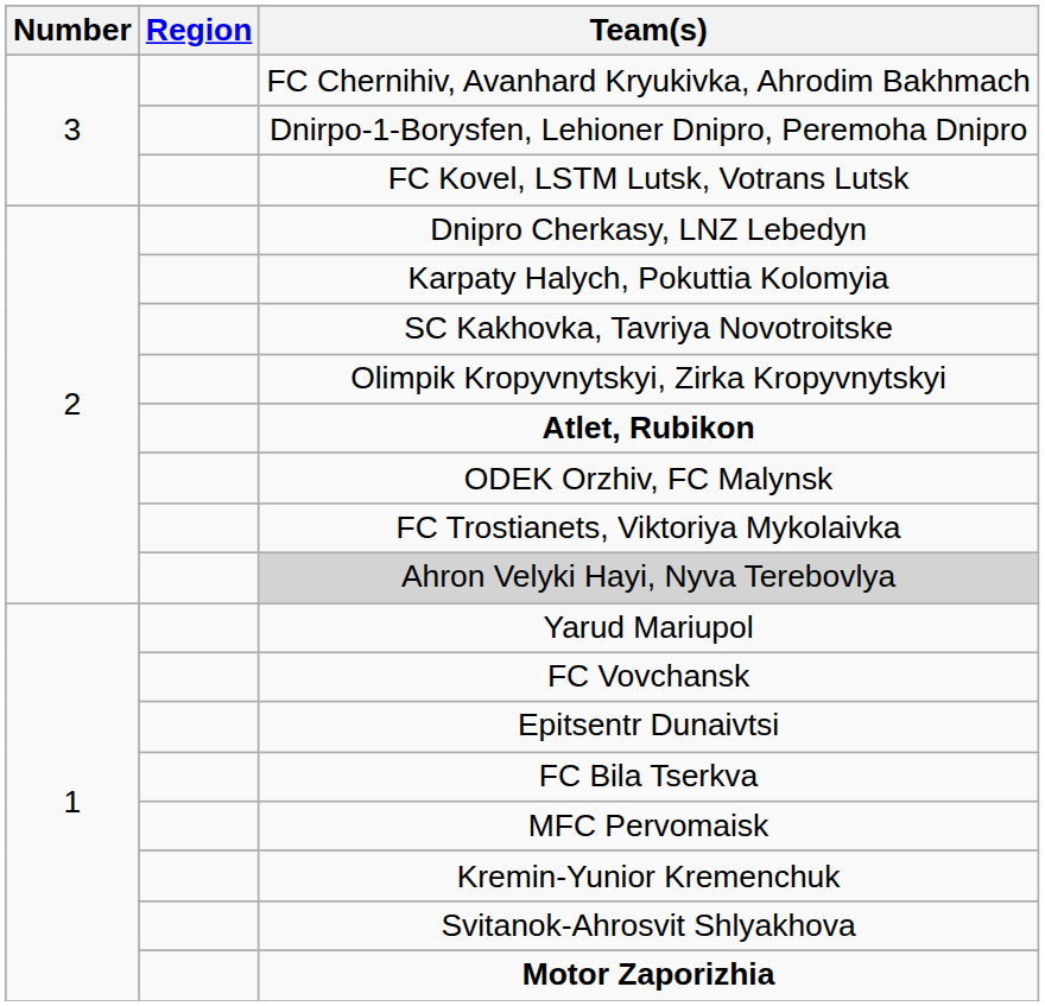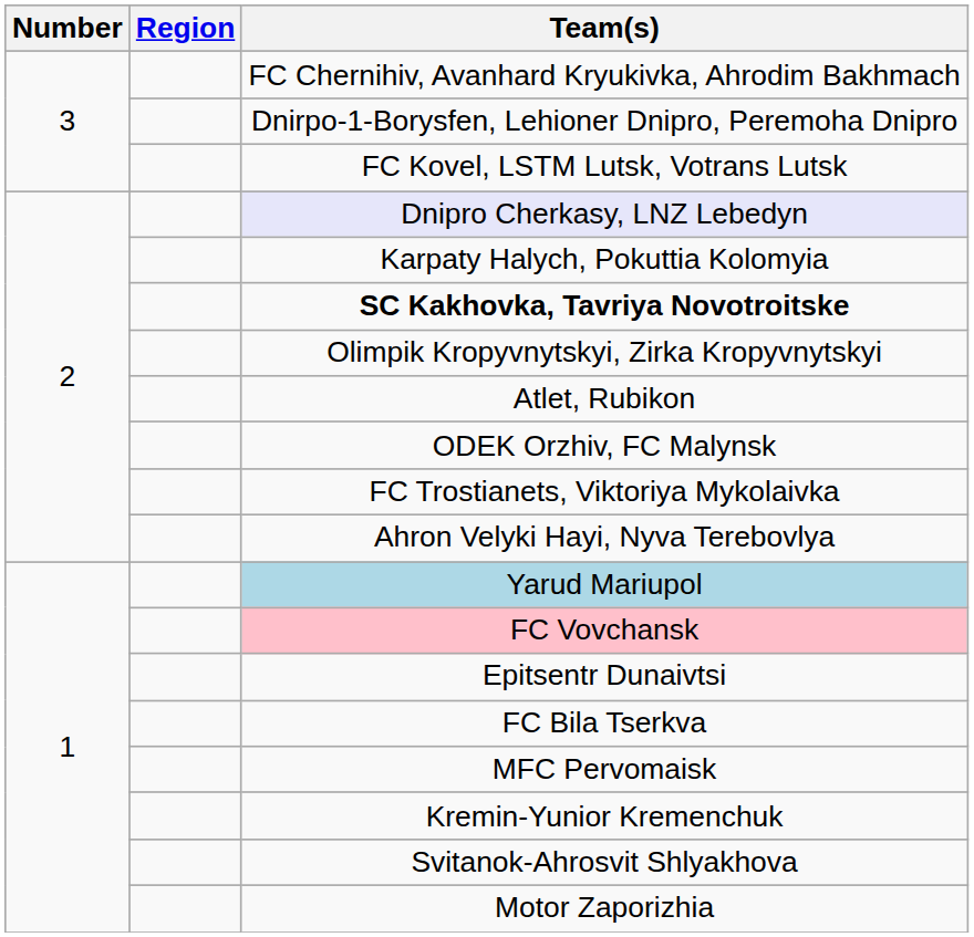 <table class="wikitable" style="text-align:center">
 <tr>
 <th>Number</th>
 <th><a href='#'>Region</a></th>
 <th>Team(s)</th>
 </tr>
 <tr>
 <td rowspan="3">3</td>
 <td align="left"></td>
 <td>FC Chernihiv, Avanhard Kryukivka, Ahrodim Bakhmach</td>
 </tr>
 <tr>
 <td align="left"></td>
 <td>Dnirpo-1-Borysfen, Lehioner Dnipro, Peremoha Dnipro</td>
 </tr>
 <tr>
 <td align="left"></td>
 <td>FC Kovel, LSTM Lutsk, Votrans Lutsk</td>
 </tr>
 <tr>
 <td rowspan="8">2</td>
 <td align="left"></td>
-<td>Dnipro Cherkasy, LNZ Lebedyn</td>
+<td style="background: lavender;">Dnipro Cherkasy, LNZ Lebedyn</td>
 </tr>
 <tr>
 <td align="left"></td>
 <td>Karpaty Halych, Pokuttia Kolomyia</td>
 </tr>
 <tr>
 <td align="left"></td>
-<td>SC Kakhovka, Tavriya Novotroitske</td>
+<td><strong>SC Kakhovka, Tavriya Novotroitske</strong></td>
 </tr>
 <tr>
 <td align="left"></td>
 <td>Olimpik Kropyvnytskyi, Zirka Kropyvnytskyi</td>
 </tr>
 <tr>
 <td align="left"></td>
-<td><strong>Atlet, Rubikon</strong></td>
+<td>Atlet, Rubikon</td>
 </tr>
 <tr>
 <td align="left"></td>
 <td>ODEK Orzhiv, FC Malynsk</td>
 </tr>
 <tr>
 <td align="left"></td>
 <td>FC Trostianets, Viktoriya Mykolaivka</td>
 </tr>
 <tr>
 <td align="left"></td>
-<td style="background: lightgrey;">Ahron Velyki Hayi, Nyva Terebovlya</td>
+<td>Ahron Velyki Hayi, Nyva Terebovlya</td>
 </tr>
 <tr>
 <td rowspan="13">1</td>
 <td align="left"></td>
-<td>Yarud Mariupol</td>
+<td style="background: lightblue;">Yarud Mariupol</td>
 </tr>
 <tr>
 <td align="left"></td>
-<td>FC Vovchansk</td>
+<td style="background: pink;">FC Vovchansk</td>
 </tr>
 <tr>
 <td align="left"></td>
 <td>Epitsentr Dunaivtsi</td>
 </tr>
 <tr>
 <td align="left"></td>
 <td>FC Bila Tserkva</td>
 </tr>
 <tr>
 <td align="left"></td>
 <td>MFC Pervomaisk</td>
 </tr>
 <tr>
 <td align="left"></td>
 <td>Kremin-Yunior Kremenchuk</td>
 </tr>
 <tr>
 <td align="left"></td>
 <td>Svitanok-Ahrosvit Shlyakhova</td>
 </tr>
 <tr>
 <td align="left"></td>
-<td><strong>Motor Zaporizhia</strong></td>
+<td>Motor Zaporizhia</td>
 </tr>
 </table>
